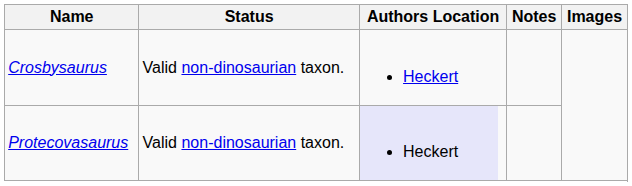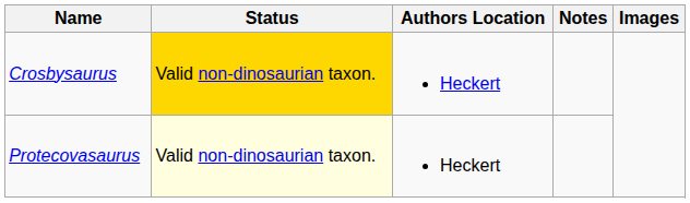 <table class="wikitable sortable" align="center" width="100%">
 <tr>
 <th>Name</th>
 <th>Status</th>
 <th colspan="2">Authors                                   Location</th>
 <th class="unsortable">Notes</th>
 <th class="unsortable">Images</th>
 </tr>
 <tr>
 <td><em><a href='#'>Crosbysaurus</a></em></td>
-<td>Valid <a href='#'>non-dinosaurian</a> taxon.</td>
+<td style="background: gold;">Valid <a href='#'>non-dinosaurian</a> taxon.</td>
 <td style="border-right:0px" valign="top"><br><ul><li><a href='#'>Heckert</a></li></ul></td>
 <td style="border-left:0px" valign="top"></td>
 <td></td>
 </tr>
 <tr>
 <td><em><a href='#'>Protecovasaurus</a></em></td>
-<td>Valid <a href='#'>non-dinosaurian</a> taxon.</td>
-<td style="background: lavender; border-right:0px" valign="top"><br><ul><li>Heckert</li></ul></td>
+<td style="background: lightyellow;">Valid <a href='#'>non-dinosaurian</a> taxon.</td>
+<td style="border-right:0px" valign="top"><br><ul><li>Heckert</li></ul></td>
 <td style="border-left:0px" valign="top"></td>
 <td></td>
 </tr>
 <tr>
 </tr>
 </table>
